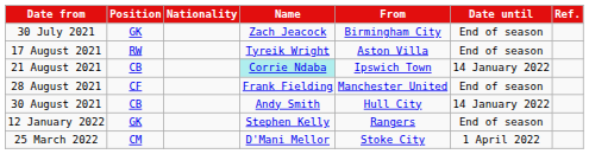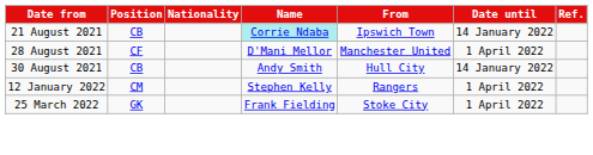 <table class="wikitable"  style="text-align:center; font-size:90%; ">
 <tr>
 <th style="background:#e20e0e;color:white;">Date from</th>
 <th style="background:#e20e0e;color:white;">Position</th>
 <th style="background:#e20e0e;color:white;">Nationality</th>
 <th style="background:#e20e0e;color:white;">Name</th>
 <th style="background:#e20e0e;color:white;">From</th>
 <th style="background:#e20e0e;color:white;">Date until</th>
 <th style="background:#e20e0e;color:white;">Ref.</th>
-</tr>
-<tr>
-<td>30 July 2021</td>
-<td><a href='#'>GK</a></td>
-<td></td>
-<td><a href='#'>Zach Jeacock</a></td>
-<td> <a href='#'>Birmingham City</a></td>
-<td>End of season</td>
-<td></td>
-</tr>
-<tr>
-<td>17 August 2021</td>
-<td><a href='#'>RW</a></td>
-<td></td>
-<td><a href='#'>Tyreik Wright</a></td>
-<td> <a href='#'>Aston Villa</a></td>
-<td>End of season</td>
-<td></td>
 </tr>
 <tr>
 <td>21 August 2021</td>
 <td><a href='#'>CB</a></td>
 <td></td>
 <td style="background: paleturquoise;"><a href='#'>Corrie Ndaba</a></td>
 <td> <a href='#'>Ipswich Town</a></td>
 <td>14 January 2022</td>
 <td></td>
 </tr>
 <tr>
 <td>28 August 2021</td>
 <td><a href='#'>CF</a></td>
 <td></td>
-<td><a href='#'>Frank Fielding</a></td>
+<td><a href='#'>D'Mani Mellor</a></td>
 <td> <a href='#'>Manchester United</a></td>
-<td>End of season</td>
+<td>1 April 2022</td>
 <td></td>
 </tr>
 <tr>
 <td>30 August 2021</td>
 <td><a href='#'>CB</a></td>
 <td></td>
 <td><a href='#'>Andy Smith</a></td>
 <td> <a href='#'>Hull City</a></td>
 <td>14 January 2022</td>
 <td></td>
 </tr>
 <tr>
 <td>12 January 2022</td>
-<td><a href='#'>GK</a></td>
+<td><a href='#'>CM</a></td>
 <td></td>
 <td><a href='#'>Stephen Kelly</a></td>
 <td> <a href='#'>Rangers</a></td>
-<td>End of season</td>
+<td>1 April 2022</td>
 <td></td>
 </tr>
 <tr>
 <td>25 March 2022</td>
-<td><a href='#'>CM</a></td>
+<td><a href='#'>GK</a></td>
 <td></td>
-<td><a href='#'>D'Mani Mellor</a></td>
+<td><a href='#'>Frank Fielding</a></td>
 <td> <a href='#'>Stoke City</a></td>
 <td>1 April 2022</td>
 <td></td>
 </tr>
 </table>
